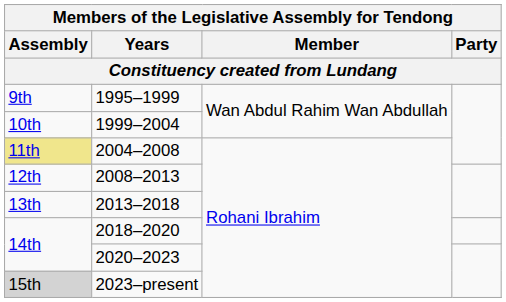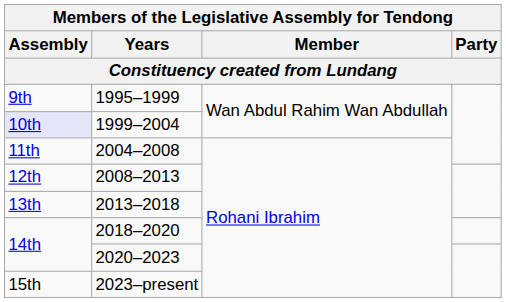 <table class="wikitable">
 <tr>
 <th colspan="4">Members of the Legislative Assembly for Tendong</th>
 </tr>
 <tr>
 <th>Assembly</th>
 <th>Years</th>
 <th>Member</th>
 <th>Party</th>
 </tr>
 <tr>
 <th colspan="4" align="center"><em>Constituency created from Lundang</em></th>
 </tr>
 <tr>
 <td><a href='#'>9th</a></td>
 <td>1995–1999</td>
 <td rowspan="2">Wan Abdul Rahim Wan Abdullah</td>
 <td rowspan="3"></td>
 </tr>
 <tr>
-<td><a href='#'>10th</a></td>
+<td style="background: lavender;"><a href='#'>10th</a></td>
 <td>1999–2004</td>
 </tr>
 <tr>
-<td style="background: khaki;"><a href='#'>11th</a></td>
+<td><a href='#'>11th</a></td>
 <td>2004–2008</td>
 <td rowspan="6"><a href='#'>Rohani Ibrahim</a></td>
 </tr>
 <tr>
 <td><a href='#'>12th</a></td>
 <td>2008–2013</td>
 <td rowspan=2></td>
 </tr>
 <tr>
 <td><a href='#'>13th</a></td>
 <td>2013–2018</td>
 </tr>
 <tr>
 <td rowspan="2"><a href='#'>14th</a></td>
 <td>2018–2020</td>
 <td></td>
 </tr>
 <tr>
 <td>2020–2023</td>
 <td rowspan=2></td>
 </tr>
 <tr>
-<td style="background: lightgrey;">15th</td>
+<td>15th</td>
 <td>2023–present</td>
 </tr>
 </table>
